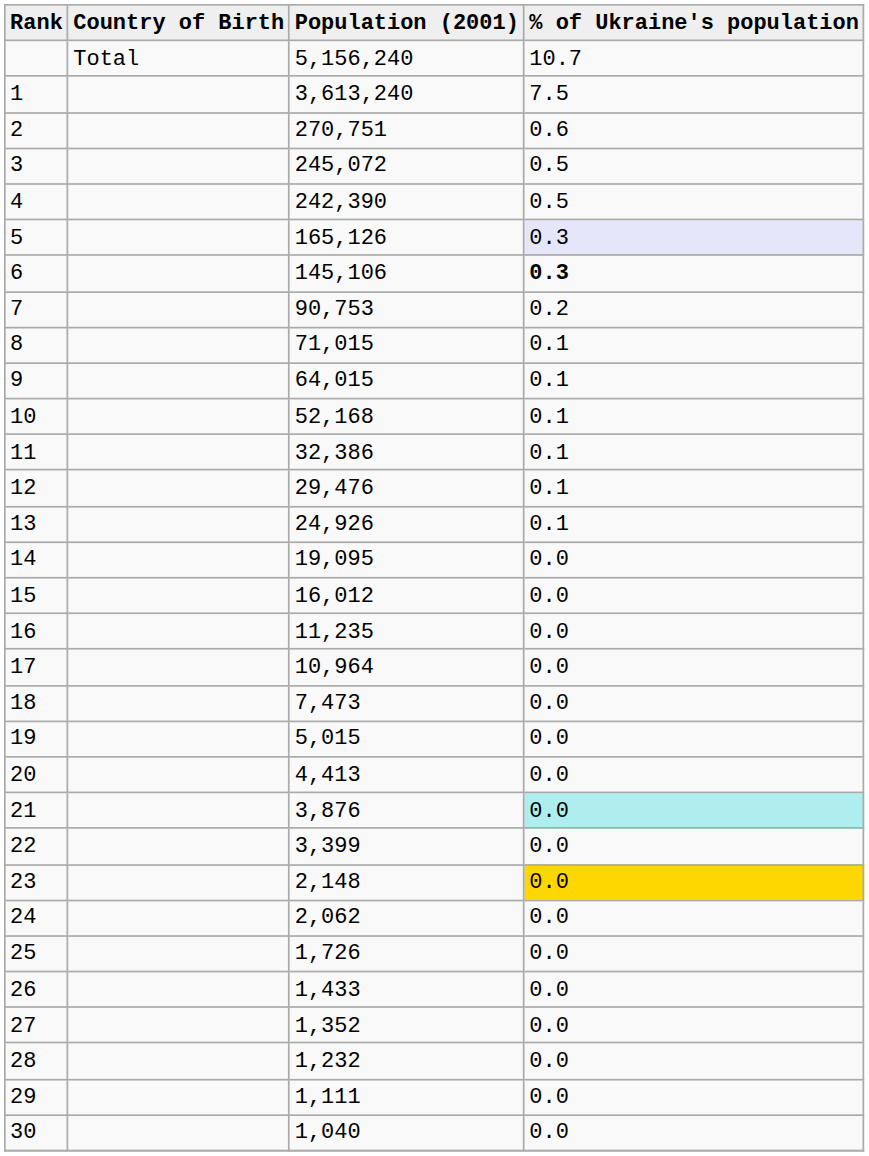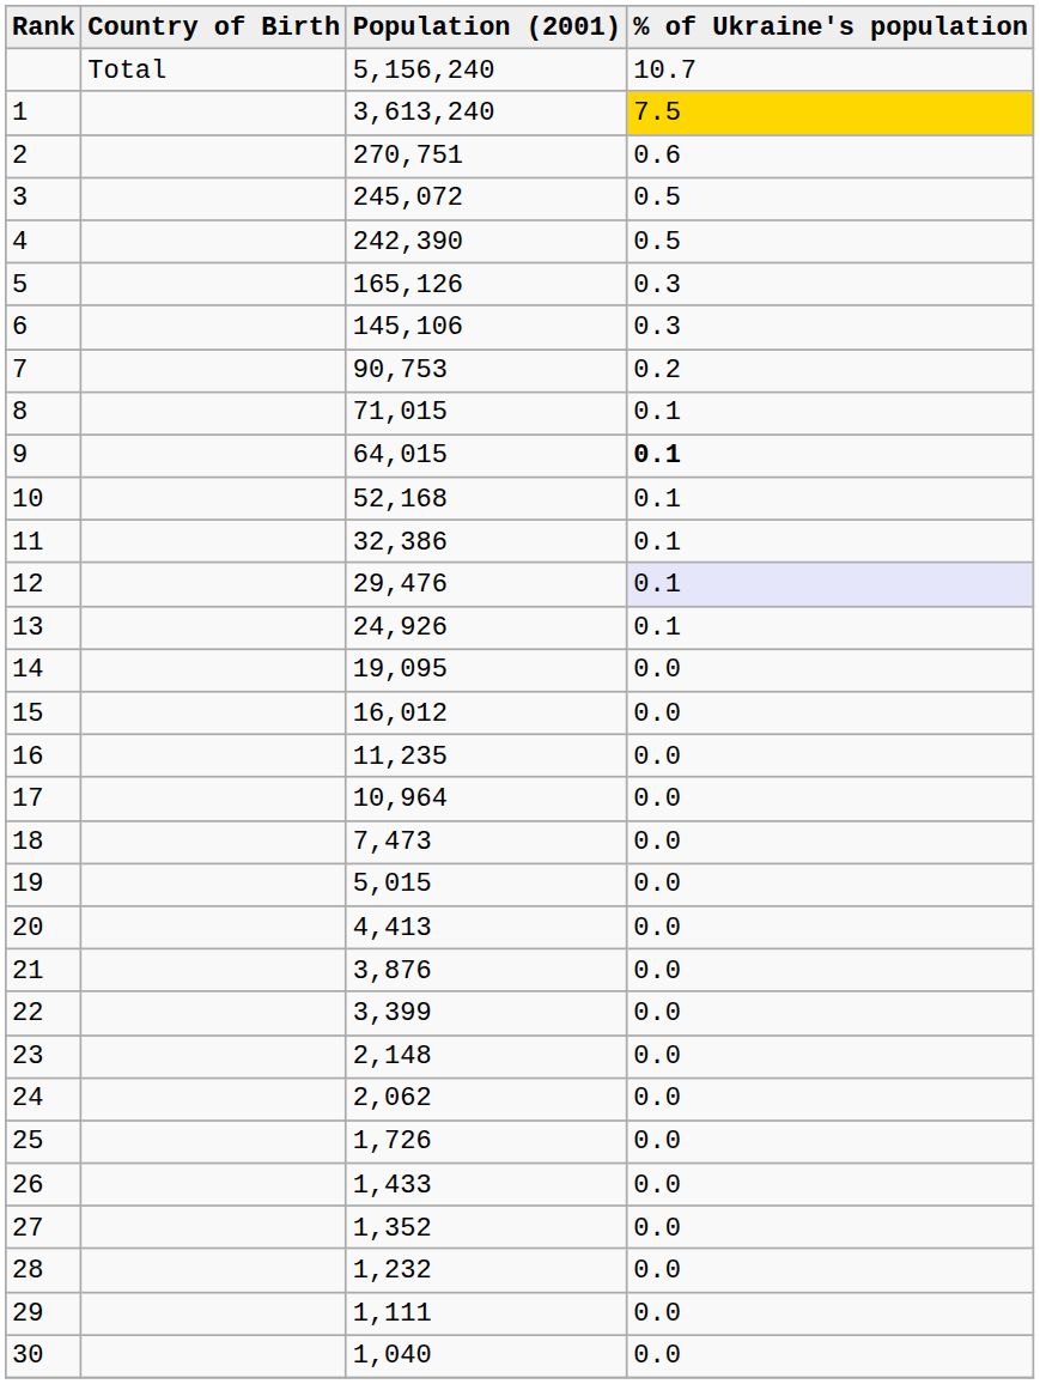 <table class="wikitable">
 <tr>
 <th style="background:#efefef;">Rank</th>
 <th style="background:#efefef;">Country of Birth</th>
 <th style="background:#efefef;">Population (2001)</th>
 <th style="background:#efefef;">% of Ukraine's population</th>
 </tr>
 <tr>
 <td></td>
 <td>Total</td>
 <td>5,156,240</td>
 <td>10.7</td>
 </tr>
 <tr>
 <td>1</td>
 <td></td>
 <td>3,613,240</td>
-<td>7.5</td>
+<td style="background: gold;">7.5</td>
 </tr>
 <tr>
 <td>2</td>
 <td></td>
 <td>270,751</td>
 <td>0.6</td>
 </tr>
 <tr>
 <td>3</td>
 <td></td>
 <td>245,072</td>
 <td>0.5</td>
 </tr>
 <tr>
 <td>4</td>
 <td></td>
 <td>242,390</td>
 <td>0.5</td>
 </tr>
 <tr>
 <td>5</td>
 <td></td>
 <td>165,126</td>
-<td style="background: lavender;">0.3</td>
+<td>0.3</td>
 </tr>
 <tr>
 <td>6</td>
 <td></td>
 <td>145,106</td>
-<td><strong>0.3</strong></td>
+<td>0.3</td>
 </tr>
 <tr>
 <td>7</td>
 <td></td>
 <td>90,753</td>
 <td>0.2</td>
 </tr>
 <tr>
 <td>8</td>
 <td></td>
 <td>71,015</td>
 <td>0.1</td>
 </tr>
 <tr>
 <td>9</td>
 <td></td>
 <td>64,015</td>
-<td>0.1</td>
+<td><strong>0.1</strong></td>
 </tr>
 <tr>
 <td>10</td>
 <td></td>
 <td>52,168</td>
 <td>0.1</td>
 </tr>
 <tr>
 <td>11</td>
 <td></td>
 <td>32,386</td>
 <td>0.1</td>
 </tr>
 <tr>
 <td>12</td>
 <td></td>
 <td>29,476</td>
-<td>0.1</td>
+<td style="background: lavender;">0.1</td>
 </tr>
 <tr>
 <td>13</td>
 <td></td>
 <td>24,926</td>
 <td>0.1</td>
 </tr>
 <tr>
 <td>14</td>
 <td></td>
 <td>19,095</td>
 <td>0.0</td>
 </tr>
 <tr>
 <td>15</td>
 <td></td>
 <td>16,012</td>
 <td>0.0</td>
 </tr>
 <tr>
 <td>16</td>
 <td></td>
 <td>11,235</td>
 <td>0.0</td>
 </tr>
 <tr>
 <td>17</td>
 <td></td>
 <td>10,964</td>
 <td>0.0</td>
 </tr>
 <tr>
 <td>18</td>
 <td></td>
 <td>7,473</td>
 <td>0.0</td>
 </tr>
 <tr>
 <td>19</td>
 <td></td>
 <td>5,015</td>
 <td>0.0</td>
 </tr>
 <tr>
 <td>20</td>
 <td></td>
 <td>4,413</td>
 <td>0.0</td>
 </tr>
 <tr>
 <td>21</td>
 <td></td>
 <td>3,876</td>
-<td style="background: paleturquoise;">0.0</td>
+<td>0.0</td>
 </tr>
 <tr>
 <td>22</td>
 <td></td>
 <td>3,399</td>
 <td>0.0</td>
 </tr>
 <tr>
 <td>23</td>
 <td></td>
 <td>2,148</td>
-<td style="background: gold;">0.0</td>
+<td>0.0</td>
 </tr>
 <tr>
 <td>24</td>
 <td></td>
 <td>2,062</td>
 <td>0.0</td>
 </tr>
 <tr>
 <td>25</td>
 <td></td>
 <td>1,726</td>
 <td>0.0</td>
 </tr>
 <tr>
 <td>26</td>
 <td></td>
 <td>1,433</td>
 <td>0.0</td>
 </tr>
 <tr>
 <td>27</td>
 <td></td>
 <td>1,352</td>
 <td>0.0</td>
 </tr>
 <tr>
 <td>28</td>
 <td></td>
 <td>1,232</td>
 <td>0.0</td>
 </tr>
 <tr>
 <td>29</td>
 <td></td>
 <td>1,111</td>
 <td>0.0</td>
 </tr>
 <tr>
 <td>30</td>
 <td></td>
 <td>1,040</td>
 <td>0.0</td>
 </tr>
 <tr>
 </tr>
 </table>
